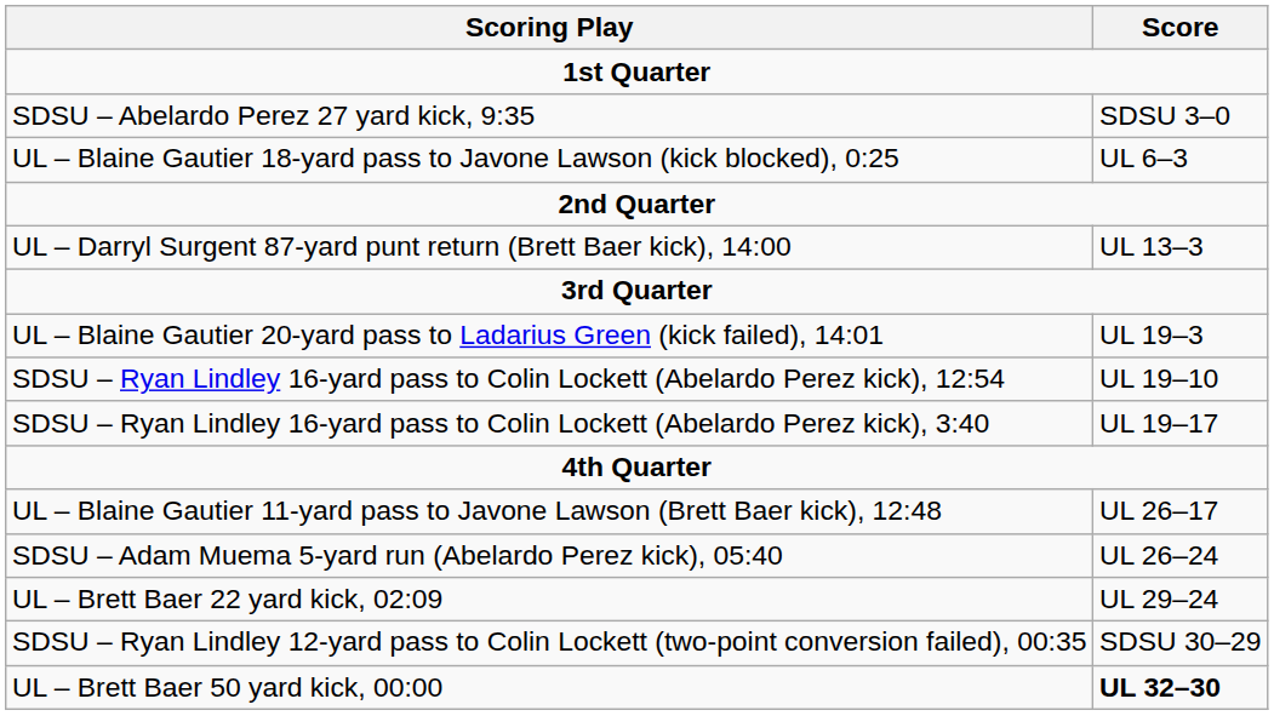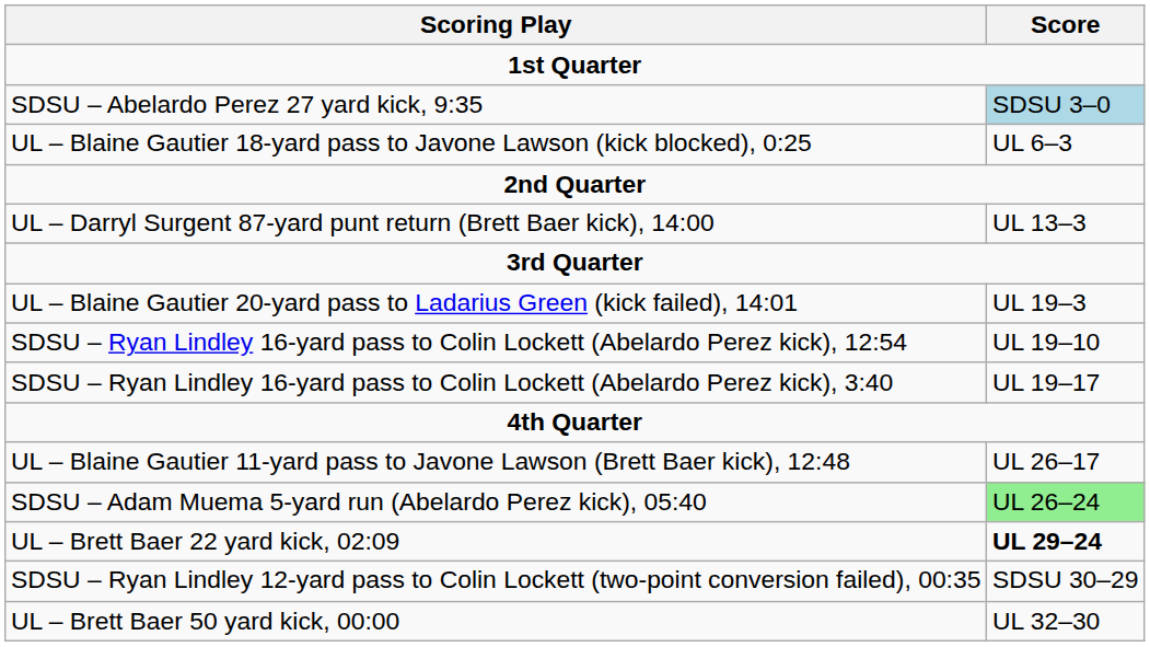 <table class="wikitable">
 <tr>
 <th>Scoring Play</th>
 <th>Score</th>
 </tr>
 <tr>
 <td colspan="4" align="center"><strong>1st Quarter</strong></td>
 </tr>
 <tr>
 <td>SDSU – Abelardo Perez 27 yard kick, 9:35</td>
-<td>SDSU 3–0</td>
+<td style="background: lightblue;">SDSU 3–0</td>
 </tr>
 <tr>
 <td>UL  – Blaine Gautier 18-yard pass to Javone Lawson (kick blocked), 0:25</td>
 <td>UL  6–3</td>
 </tr>
 <tr>
 <td colspan="4" align="center"><strong>2nd Quarter</strong></td>
 </tr>
 <tr>
 <td>UL  – Darryl Surgent 87-yard punt return (Brett Baer kick), 14:00</td>
 <td>UL  13–3</td>
 </tr>
 <tr>
 <td colspan="4" align="center"><strong>3rd Quarter</strong></td>
 </tr>
 <tr>
 <td>UL  – Blaine Gautier 20-yard pass to <a href='#'>Ladarius Green</a> (kick failed), 14:01</td>
 <td>UL  19–3</td>
 </tr>
 <tr>
 <td>SDSU – <a href='#'>Ryan Lindley</a> 16-yard pass to Colin Lockett (Abelardo Perez kick), 12:54</td>
 <td>UL  19–10</td>
 </tr>
 <tr>
 <td>SDSU – Ryan Lindley 16-yard pass to Colin Lockett (Abelardo Perez kick), 3:40</td>
 <td>UL  19–17</td>
 </tr>
 <tr>
 <td colspan="4" align="center"><strong>4th Quarter</strong></td>
 </tr>
 <tr>
 <td>UL  – Blaine Gautier 11-yard pass to Javone Lawson  (Brett Baer kick), 12:48</td>
 <td>UL  26–17</td>
 </tr>
 <tr>
 <td>SDSU – Adam Muema 5-yard run (Abelardo Perez kick), 05:40</td>
-<td>UL  26–24</td>
+<td style="background: lightgreen;">UL  26–24</td>
 </tr>
 <tr>
 <td>UL  – Brett Baer 22 yard kick, 02:09</td>
-<td>UL  29–24</td>
+<td><strong>UL  29–24</strong></td>
 </tr>
 <tr>
 <td>SDSU – Ryan Lindley 12-yard pass to Colin Lockett (two-point conversion failed), 00:35</td>
 <td>SDSU 30–29</td>
 </tr>
 <tr>
 <td>UL  – Brett Baer 50 yard kick, 00:00</td>
-<td><strong>UL  32–30</strong></td>
+<td>UL  32–30</td>
 </tr>
 </table>
